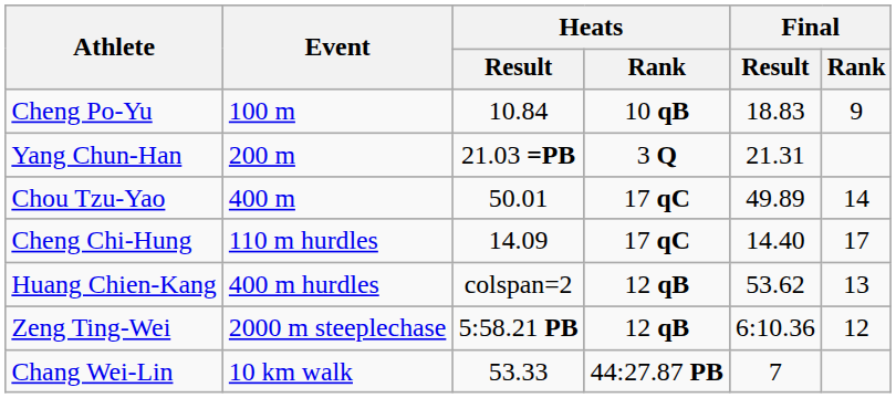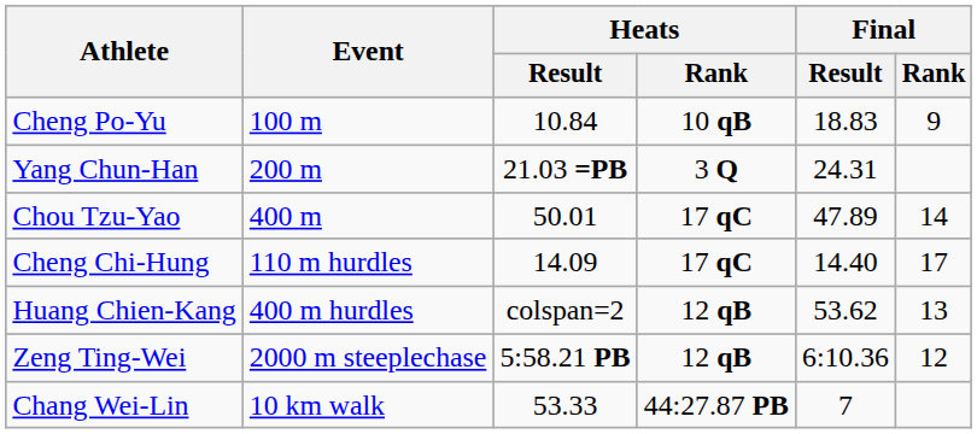 <table class="wikitable" style="font-size:90%">
 <tr>
 <th rowspan=2>Athlete</th>
 <th rowspan=2>Event</th>
 <th colspan=2>Heats</th>
 <th colspan=2>Final</th>
 </tr>
 <tr style="font-size:95%">
 <th>Result</th>
 <th>Rank</th>
 <th>Result</th>
 <th>Rank</th>
 </tr>
 <tr align=center>
 <td align=left><a href='#'>Cheng Po-Yu</a></td>
 <td align=left><a href='#'>100 m</a></td>
 <td>10.84</td>
 <td>10 <strong>qB</strong></td>
 <td>18.83</td>
 <td>9</td>
 </tr>
 <tr align=center>
 <td align=left><a href='#'>Yang Chun-Han</a></td>
 <td align=left><a href='#'>200 m</a></td>
 <td>21.03 <strong>=PB</strong></td>
 <td>3 <strong>Q</strong></td>
-<td>21.31</td>
+<td>24.31</td>
 <td></td>
 </tr>
 <tr align=center>
 <td align=left><a href='#'>Chou Tzu-Yao</a></td>
 <td align=left><a href='#'>400 m</a></td>
 <td>50.01</td>
 <td>17 <strong>qC</strong></td>
-<td>49.89</td>
+<td>47.89</td>
 <td>14</td>
 </tr>
 <tr align=center>
 <td align=left><a href='#'>Cheng Chi-Hung</a></td>
 <td align=left><a href='#'>110 m hurdles</a></td>
 <td>14.09</td>
 <td>17 <strong>qC</strong></td>
 <td>14.40</td>
 <td>17</td>
 </tr>
 <tr align=center>
 <td align=left><a href='#'>Huang Chien-Kang</a></td>
 <td align=left><a href='#'>400 m hurdles</a></td>
 <td>colspan=2 </td>
 <td>12 <strong>qB</strong></td>
 <td>53.62</td>
 <td>13</td>
 </tr>
 <tr align=center>
 <td align=left><a href='#'>Zeng Ting-Wei</a></td>
 <td align=left><a href='#'>2000 m steeplechase</a></td>
 <td>5:58.21 <strong>PB</strong></td>
 <td>12 <strong>qB</strong></td>
 <td>6:10.36</td>
 <td>12</td>
 </tr>
 <tr align=center>
 <td align=left><a href='#'>Chang Wei-Lin</a></td>
 <td align=left><a href='#'>10 km walk</a></td>
 <td>53.33</td>
 <td>44:27.87 <strong>PB</strong></td>
 <td>7</td>
 </tr>
 </table>
